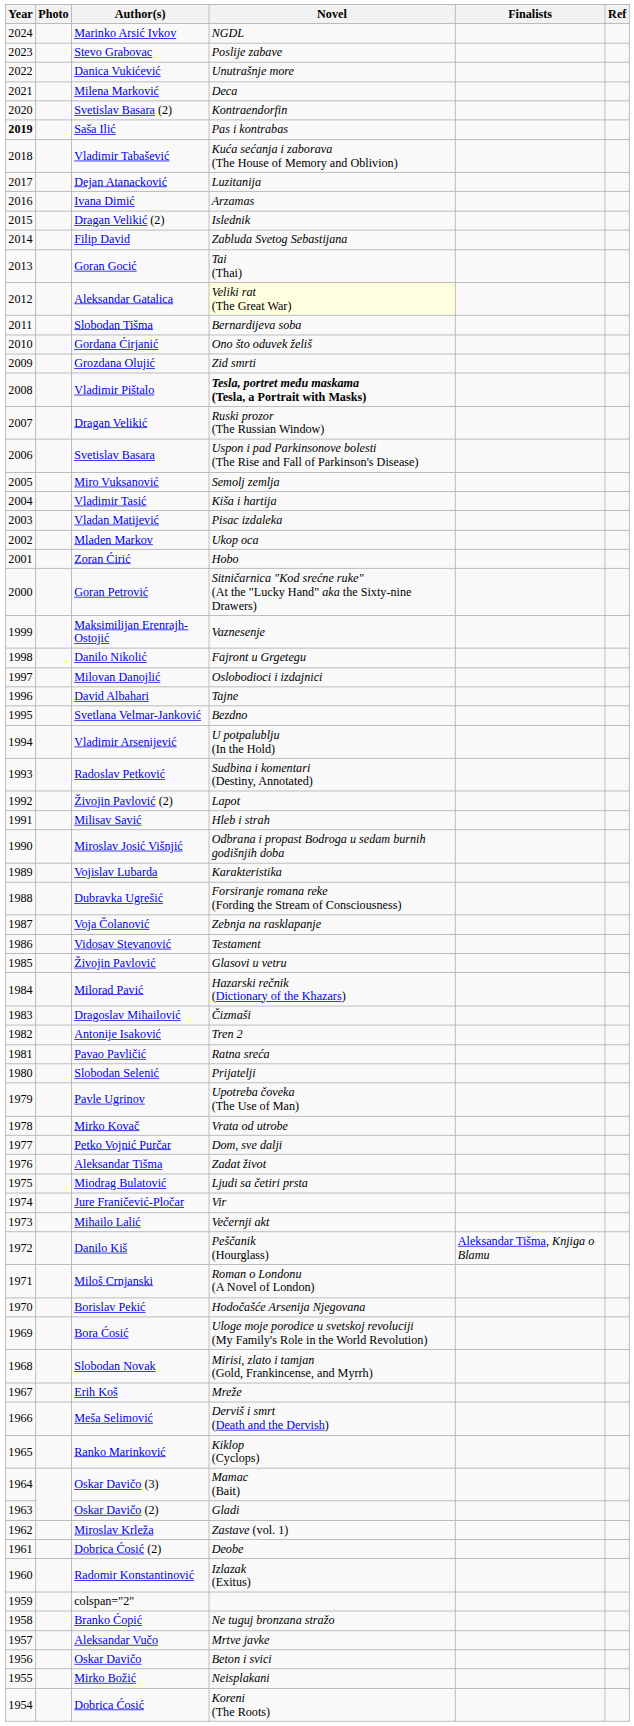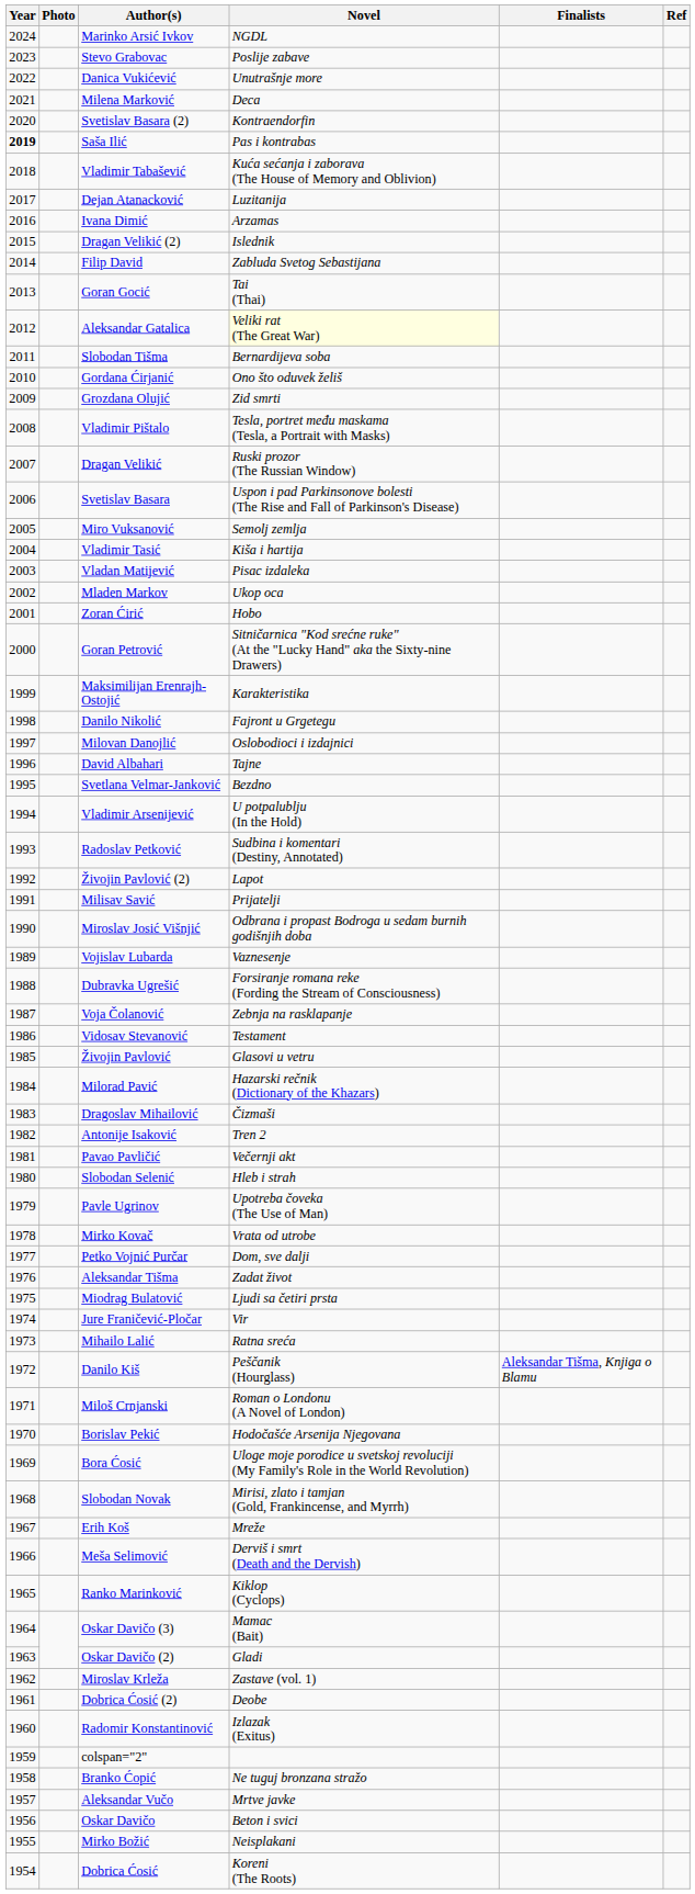 <table class="sortable wikitable" width="65%" cellpadding="5" style="margin: 1em auto 1em auto">
 <tr>
 <th>Year</th>
 <th>Photo</th>
 <th>Author(s)</th>
 <th>Novel</th>
 <th>Finalists</th>
 <th class="unsortable">Ref</th>
 </tr>
 <tr>
 <td>2024</td>
 <td></td>
 <td><a href='#'>Marinko Arsić Ivkov</a></td>
 <td><em>NGDL</em></td>
 <td></td>
 <td></td>
 </tr>
 <tr>
 <td>2023</td>
 <td></td>
 <td><a href='#'>Stevo Grabovac</a></td>
 <td><em>Poslije zabave</em></td>
 <td></td>
 <td></td>
 </tr>
 <tr>
 <td>2022</td>
 <td></td>
 <td><a href='#'>Danica Vukićević</a></td>
 <td><em>Unutrašnje more</em></td>
 <td></td>
 <td></td>
 </tr>
 <tr>
 <td align="center">2021</td>
 <td></td>
 <td><a href='#'>Milena Marković</a></td>
 <td><em>Deca</em></td>
 <td></td>
 <td></td>
 </tr>
 <tr>
 <td align="center">2020</td>
 <td></td>
 <td><a href='#'>Svetislav Basara</a> (2)</td>
 <td><em>Kontraendorfin</em></td>
 <td></td>
 <td></td>
 </tr>
 <tr>
 <td align="center"><strong>2019</strong></td>
 <td></td>
 <td><a href='#'>Saša Ilić</a></td>
 <td><em>Pas i kontrabas</em></td>
 <td></td>
 <td></td>
 </tr>
 <tr>
 <td align="center">2018</td>
 <td></td>
 <td><a href='#'>Vladimir Tabašević</a></td>
 <td><em>Kuća sećanja i zaborava</em><br>(The House of Memory and Oblivion)</td>
 <td></td>
 <td></td>
 </tr>
 <tr>
 <td align="center">2017</td>
 <td></td>
 <td><a href='#'>Dejan Atanacković</a></td>
 <td><em>Luzitanija</em></td>
 <td></td>
 <td></td>
 </tr>
 <tr>
 <td align="center">2016</td>
 <td></td>
 <td><a href='#'>Ivana Dimić</a></td>
 <td><em>Arzamas</em></td>
 <td></td>
 <td></td>
 </tr>
 <tr>
 <td align="center">2015</td>
 <td></td>
 <td><a href='#'>Dragan Velikić</a> (2)</td>
 <td><em>Islednik</em></td>
 <td></td>
 <td></td>
 </tr>
 <tr>
 <td align="center">2014</td>
 <td></td>
 <td><a href='#'>Filip David</a></td>
 <td><em>Zabluda Svetog Sebastijana</em></td>
 <td></td>
 <td></td>
 </tr>
 <tr>
 <td align="center">2013</td>
 <td></td>
 <td><a href='#'>Goran Gocić</a></td>
 <td><em>Tai</em><br>(Thai)</td>
 <td></td>
 <td></td>
 </tr>
 <tr>
 <td align="center">2012</td>
 <td></td>
 <td><a href='#'>Aleksandar Gatalica</a></td>
 <td style="background: lightyellow;"><em>Veliki rat</em><br>(The Great War)</td>
 <td></td>
 <td></td>
 </tr>
 <tr>
 <td align="center">2011</td>
 <td></td>
 <td><a href='#'>Slobodan Tišma</a></td>
 <td><em>Bernardijeva soba</em></td>
 <td></td>
 <td></td>
 </tr>
 <tr>
 <td align="center">2010</td>
 <td></td>
 <td><a href='#'>Gordana Ćirjanić</a></td>
 <td><em>Ono što oduvek želiš</em></td>
 <td></td>
 <td></td>
 </tr>
 <tr>
 <td align="center">2009</td>
 <td></td>
 <td><a href='#'>Grozdana Olujić</a></td>
 <td><em>Zid smrti</em></td>
 <td></td>
 <td></td>
 </tr>
 <tr>
 <td align="center">2008</td>
 <td></td>
 <td><a href='#'>Vladimir Pištalo</a></td>
-<td><strong><em>Tesla, portret među maskama</em><br>(Tesla, a Portrait with Masks)</strong></td>
+<td><em>Tesla, portret među maskama</em><br>(Tesla, a Portrait with Masks)</td>
 <td></td>
 <td></td>
 </tr>
 <tr>
 <td align="center">2007</td>
 <td></td>
 <td><a href='#'>Dragan Velikić</a></td>
 <td><em>Ruski prozor</em><br>(The Russian Window)</td>
 <td></td>
 <td></td>
 </tr>
 <tr>
 <td align="center">2006</td>
 <td></td>
 <td><a href='#'>Svetislav Basara</a></td>
 <td><em>Uspon i pad Parkinsonove bolesti</em><br>(The Rise and Fall of Parkinson's Disease)</td>
 <td></td>
 <td></td>
 </tr>
 <tr>
 <td align="center">2005</td>
 <td></td>
 <td><a href='#'>Miro Vuksanović</a></td>
 <td><em>Semolj zemlja</em></td>
 <td></td>
 <td></td>
 </tr>
 <tr>
 <td align="center">2004</td>
 <td></td>
 <td><a href='#'>Vladimir Tasić</a></td>
 <td><em>Kiša i hartija</em></td>
 <td></td>
 <td></td>
 </tr>
 <tr>
 <td align="center">2003</td>
 <td></td>
 <td><a href='#'>Vladan Matijević</a></td>
 <td><em>Pisac izdaleka</em></td>
 <td></td>
 <td></td>
 </tr>
 <tr>
 <td align="center">2002</td>
 <td></td>
 <td><a href='#'>Mladen Markov</a></td>
 <td><em>Ukop oca</em></td>
 <td></td>
 <td></td>
 </tr>
 <tr>
 <td align="center">2001</td>
 <td></td>
 <td><a href='#'>Zoran Ćirić</a></td>
 <td><em>Hobo</em></td>
 <td></td>
 <td></td>
 </tr>
 <tr>
 <td align="center">2000</td>
 <td></td>
 <td><a href='#'>Goran Petrović</a></td>
 <td><em>Sitničarnica "Kod srećne ruke"</em><br>(At the "Lucky Hand" <em>aka</em> the Sixty-nine Drawers)</td>
 <td></td>
 <td></td>
 </tr>
 <tr>
 <td align="center">1999</td>
 <td></td>
 <td><a href='#'>Maksimilijan Erenrajh-Ostojić</a></td>
-<td><em>Vaznesenje</em></td>
+<td><em>Karakteristika</em></td>
 <td></td>
 <td></td>
 </tr>
 <tr>
 <td align="center">1998</td>
 <td></td>
 <td><a href='#'>Danilo Nikolić</a></td>
 <td><em>Fajront u Grgetegu</em></td>
 <td></td>
 <td></td>
 </tr>
 <tr>
 <td align="center">1997</td>
 <td></td>
 <td><a href='#'>Milovan Danojlić</a></td>
 <td><em>Oslobodioci i izdajnici</em></td>
 <td></td>
 <td></td>
 </tr>
 <tr>
 <td align="center">1996</td>
 <td></td>
 <td><a href='#'>David Albahari</a></td>
 <td><em>Tajne</em></td>
 <td></td>
 <td></td>
 </tr>
 <tr>
 <td align="center">1995</td>
 <td></td>
 <td><a href='#'>Svetlana Velmar-Janković</a></td>
 <td><em>Bezdno</em></td>
 <td></td>
 <td></td>
 </tr>
 <tr>
 <td align="center">1994</td>
 <td></td>
 <td><a href='#'>Vladimir Arsenijević</a></td>
 <td><em>U potpalublju</em><br>(In the Hold)</td>
 <td></td>
 <td></td>
 </tr>
 <tr>
 <td align="center">1993</td>
 <td></td>
 <td><a href='#'>Radoslav Petković</a></td>
 <td><em>Sudbina i komentari</em><br>(Destiny, Annotated)</td>
 <td></td>
 <td></td>
 </tr>
 <tr>
 <td align="center">1992</td>
 <td></td>
 <td><a href='#'>Živojin Pavlović</a> (2)</td>
 <td><em>Lapot</em></td>
 <td></td>
 <td></td>
 </tr>
 <tr>
 <td align="center">1991</td>
 <td></td>
 <td><a href='#'>Milisav Savić</a></td>
-<td><em>Hleb i strah</em></td>
+<td><em>Prijatelji</em></td>
 <td></td>
 <td></td>
 </tr>
 <tr>
 <td align="center">1990</td>
 <td></td>
 <td><a href='#'>Miroslav Josić Višnjić</a></td>
 <td><em>Odbrana i propast Bodroga u sedam burnih godišnjih doba</em></td>
 <td></td>
 <td></td>
 </tr>
 <tr>
 <td align="center">1989</td>
 <td></td>
 <td><a href='#'>Vojislav Lubarda</a></td>
-<td><em>Karakteristika</em></td>
+<td><em>Vaznesenje</em></td>
 <td></td>
 <td></td>
 </tr>
 <tr>
 <td align="center">1988</td>
 <td></td>
 <td><a href='#'>Dubravka Ugrešić</a></td>
 <td><em>Forsiranje romana reke</em><br>(Fording the Stream of Consciousness)</td>
 <td></td>
 <td></td>
 </tr>
 <tr>
 <td align="center">1987</td>
 <td></td>
 <td><a href='#'>Voja Čolanović</a></td>
 <td><em>Zebnja na rasklapanje</em></td>
 <td></td>
 <td></td>
 </tr>
 <tr>
 <td align="center">1986</td>
 <td></td>
 <td><a href='#'>Vidosav Stevanović</a></td>
 <td><em>Testament</em></td>
 <td></td>
 <td></td>
 </tr>
 <tr>
 <td align="center">1985</td>
 <td></td>
 <td><a href='#'>Živojin Pavlović</a></td>
 <td><em>Glasovi u vetru</em></td>
 <td></td>
 <td></td>
 </tr>
 <tr>
 <td align="center">1984</td>
 <td></td>
 <td><a href='#'>Milorad Pavić</a></td>
 <td><em>Hazarski rečnik</em><br>(<a href='#'>Dictionary of the Khazars</a>)</td>
 <td></td>
 <td></td>
 </tr>
 <tr>
 <td align="center">1983</td>
 <td></td>
 <td><a href='#'>Dragoslav Mihailović</a></td>
 <td><em>Čizmaši</em></td>
 <td></td>
 <td></td>
 </tr>
 <tr>
 <td align="center">1982</td>
 <td></td>
 <td><a href='#'>Antonije Isaković</a></td>
 <td><em>Tren 2</em></td>
 <td></td>
 <td></td>
 </tr>
 <tr>
 <td align="center">1981</td>
 <td></td>
 <td><a href='#'>Pavao Pavličić</a></td>
-<td><em>Ratna sreća</em></td>
+<td><em>Večernji akt</em></td>
 <td></td>
 <td></td>
 </tr>
 <tr>
 <td align="center">1980</td>
 <td></td>
 <td><a href='#'>Slobodan Selenić</a></td>
-<td><em>Prijatelji</em></td>
+<td><em>Hleb i strah</em></td>
 <td></td>
 <td></td>
 </tr>
 <tr>
 <td align="center">1979</td>
 <td></td>
 <td><a href='#'>Pavle Ugrinov</a></td>
 <td><em>Upotreba čoveka</em><br>(The Use of Man)</td>
 <td></td>
 <td></td>
 </tr>
 <tr>
 <td align="center">1978</td>
 <td></td>
 <td><a href='#'>Mirko Kovač</a></td>
 <td><em>Vrata od utrobe</em></td>
 <td></td>
 <td></td>
 </tr>
 <tr>
 <td align="center">1977</td>
 <td></td>
 <td><a href='#'>Petko Vojnić Purčar</a></td>
 <td><em>Dom, sve dalji</em></td>
 <td></td>
 <td></td>
 </tr>
 <tr>
 <td align="center">1976</td>
 <td></td>
 <td><a href='#'>Aleksandar Tišma</a></td>
 <td><em>Zadat život</em></td>
 <td></td>
 <td></td>
 </tr>
 <tr>
 <td align="center">1975</td>
 <td></td>
 <td><a href='#'>Miodrag Bulatović</a></td>
 <td><em>Ljudi sa četiri prsta</em></td>
 <td></td>
 <td></td>
 </tr>
 <tr>
 <td align="center">1974</td>
 <td></td>
 <td><a href='#'>Jure Franičević-Pločar</a></td>
 <td><em>Vir</em></td>
 <td></td>
 <td></td>
 </tr>
 <tr>
 <td align="center">1973</td>
 <td></td>
 <td><a href='#'>Mihailo Lalić</a></td>
-<td><em>Večernji akt</em></td>
+<td><em>Ratna sreća</em></td>
 <td></td>
 <td></td>
 </tr>
 <tr>
 <td align="center">1972</td>
 <td></td>
 <td><a href='#'>Danilo Kiš</a></td>
 <td><em>Peščanik</em><br>(Hourglass)</td>
 <td><a href='#'>Aleksandar Tišma</a>, <em>Knjiga o Blamu</em></td>
 <td></td>
 </tr>
 <tr>
 <td align="center">1971</td>
 <td></td>
 <td><a href='#'>Miloš Crnjanski</a></td>
 <td><em>Roman o Londonu</em><br>(A Novel of London)</td>
 <td></td>
 <td></td>
 </tr>
 <tr>
 <td align="center">1970</td>
 <td></td>
 <td><a href='#'>Borislav Pekić</a></td>
 <td><em>Hodočašće Arsenija Njegovana</em></td>
 <td></td>
 <td></td>
 </tr>
 <tr>
 <td align="center">1969</td>
 <td></td>
 <td><a href='#'>Bora Ćosić</a></td>
 <td><em>Uloge moje porodice u svetskoj revoluciji</em><br>(My Family's Role in the World Revolution)</td>
 <td></td>
 <td></td>
 </tr>
 <tr>
 <td align="center">1968</td>
 <td></td>
 <td><a href='#'>Slobodan Novak</a></td>
 <td><em>Mirisi, zlato i tamjan</em><br>(Gold, Frankincense, and Myrrh)</td>
 <td></td>
 <td></td>
 </tr>
 <tr>
 <td align="center">1967</td>
 <td></td>
 <td><a href='#'>Erih Koš</a></td>
 <td><em>Mreže</em></td>
 <td></td>
 <td></td>
 </tr>
 <tr>
 <td align="center">1966</td>
 <td></td>
 <td><a href='#'>Meša Selimović</a></td>
 <td><em>Derviš i smrt</em><br>(<a href='#'>Death and the Dervish</a>)</td>
 <td></td>
 <td></td>
 </tr>
 <tr>
 <td align="center">1965</td>
 <td></td>
 <td><a href='#'>Ranko Marinković</a></td>
 <td><em>Kiklop</em><br>(Cyclops)</td>
 <td></td>
 <td></td>
 </tr>
 <tr>
 <td align="center">1964</td>
 <td rowspan="2"></td>
 <td><a href='#'>Oskar Davičo</a> (3)</td>
 <td><em>Mamac</em><br>(Bait)</td>
 <td></td>
 <td></td>
 </tr>
 <tr>
 <td align="center">1963</td>
 <td><a href='#'>Oskar Davičo</a> (2)</td>
 <td><em>Gladi</em></td>
 <td></td>
 <td></td>
 </tr>
 <tr>
 <td align="center">1962</td>
 <td></td>
 <td><a href='#'>Miroslav Krleža</a></td>
 <td><em>Zastave</em> (vol. 1)</td>
 <td></td>
 <td></td>
 </tr>
 <tr>
 <td align="center">1961</td>
 <td></td>
 <td><a href='#'>Dobrica Ćosić</a> (2)</td>
 <td><em>Deobe</em></td>
 <td></td>
 <td></td>
 </tr>
 <tr>
 <td align="center">1960</td>
 <td></td>
 <td><a href='#'>Radomir Konstantinović</a></td>
 <td><em>Izlazak</em><br>(Exitus)</td>
 <td></td>
 <td></td>
 </tr>
 <tr>
 <td align="center">1959</td>
 <td></td>
 <td>colspan="2" </td>
 <td></td>
 <td></td>
 </tr>
 <tr>
 <td align="center">1958</td>
 <td></td>
 <td><a href='#'>Branko Ćopić</a></td>
 <td><em>Ne tuguj bronzana stražo</em></td>
 <td></td>
 <td></td>
 </tr>
 <tr>
 <td align="center">1957</td>
 <td></td>
 <td><a href='#'>Aleksandar Vučo</a></td>
 <td><em>Mrtve javke</em></td>
 <td></td>
 <td></td>
 </tr>
 <tr>
 <td align="center">1956</td>
 <td></td>
 <td><a href='#'>Oskar Davičo</a></td>
 <td><em>Beton i svici</em></td>
 <td></td>
 <td></td>
 </tr>
 <tr>
 <td align="center">1955</td>
 <td></td>
 <td><a href='#'>Mirko Božić</a></td>
 <td><em>Neisplakani</em></td>
 <td></td>
 <td></td>
 </tr>
 <tr>
 <td align="center">1954</td>
 <td></td>
 <td><a href='#'>Dobrica Ćosić</a></td>
 <td><em>Koreni</em><br>(The Roots)</td>
 <td></td>
 <td></td>
 </tr>
 </table>
